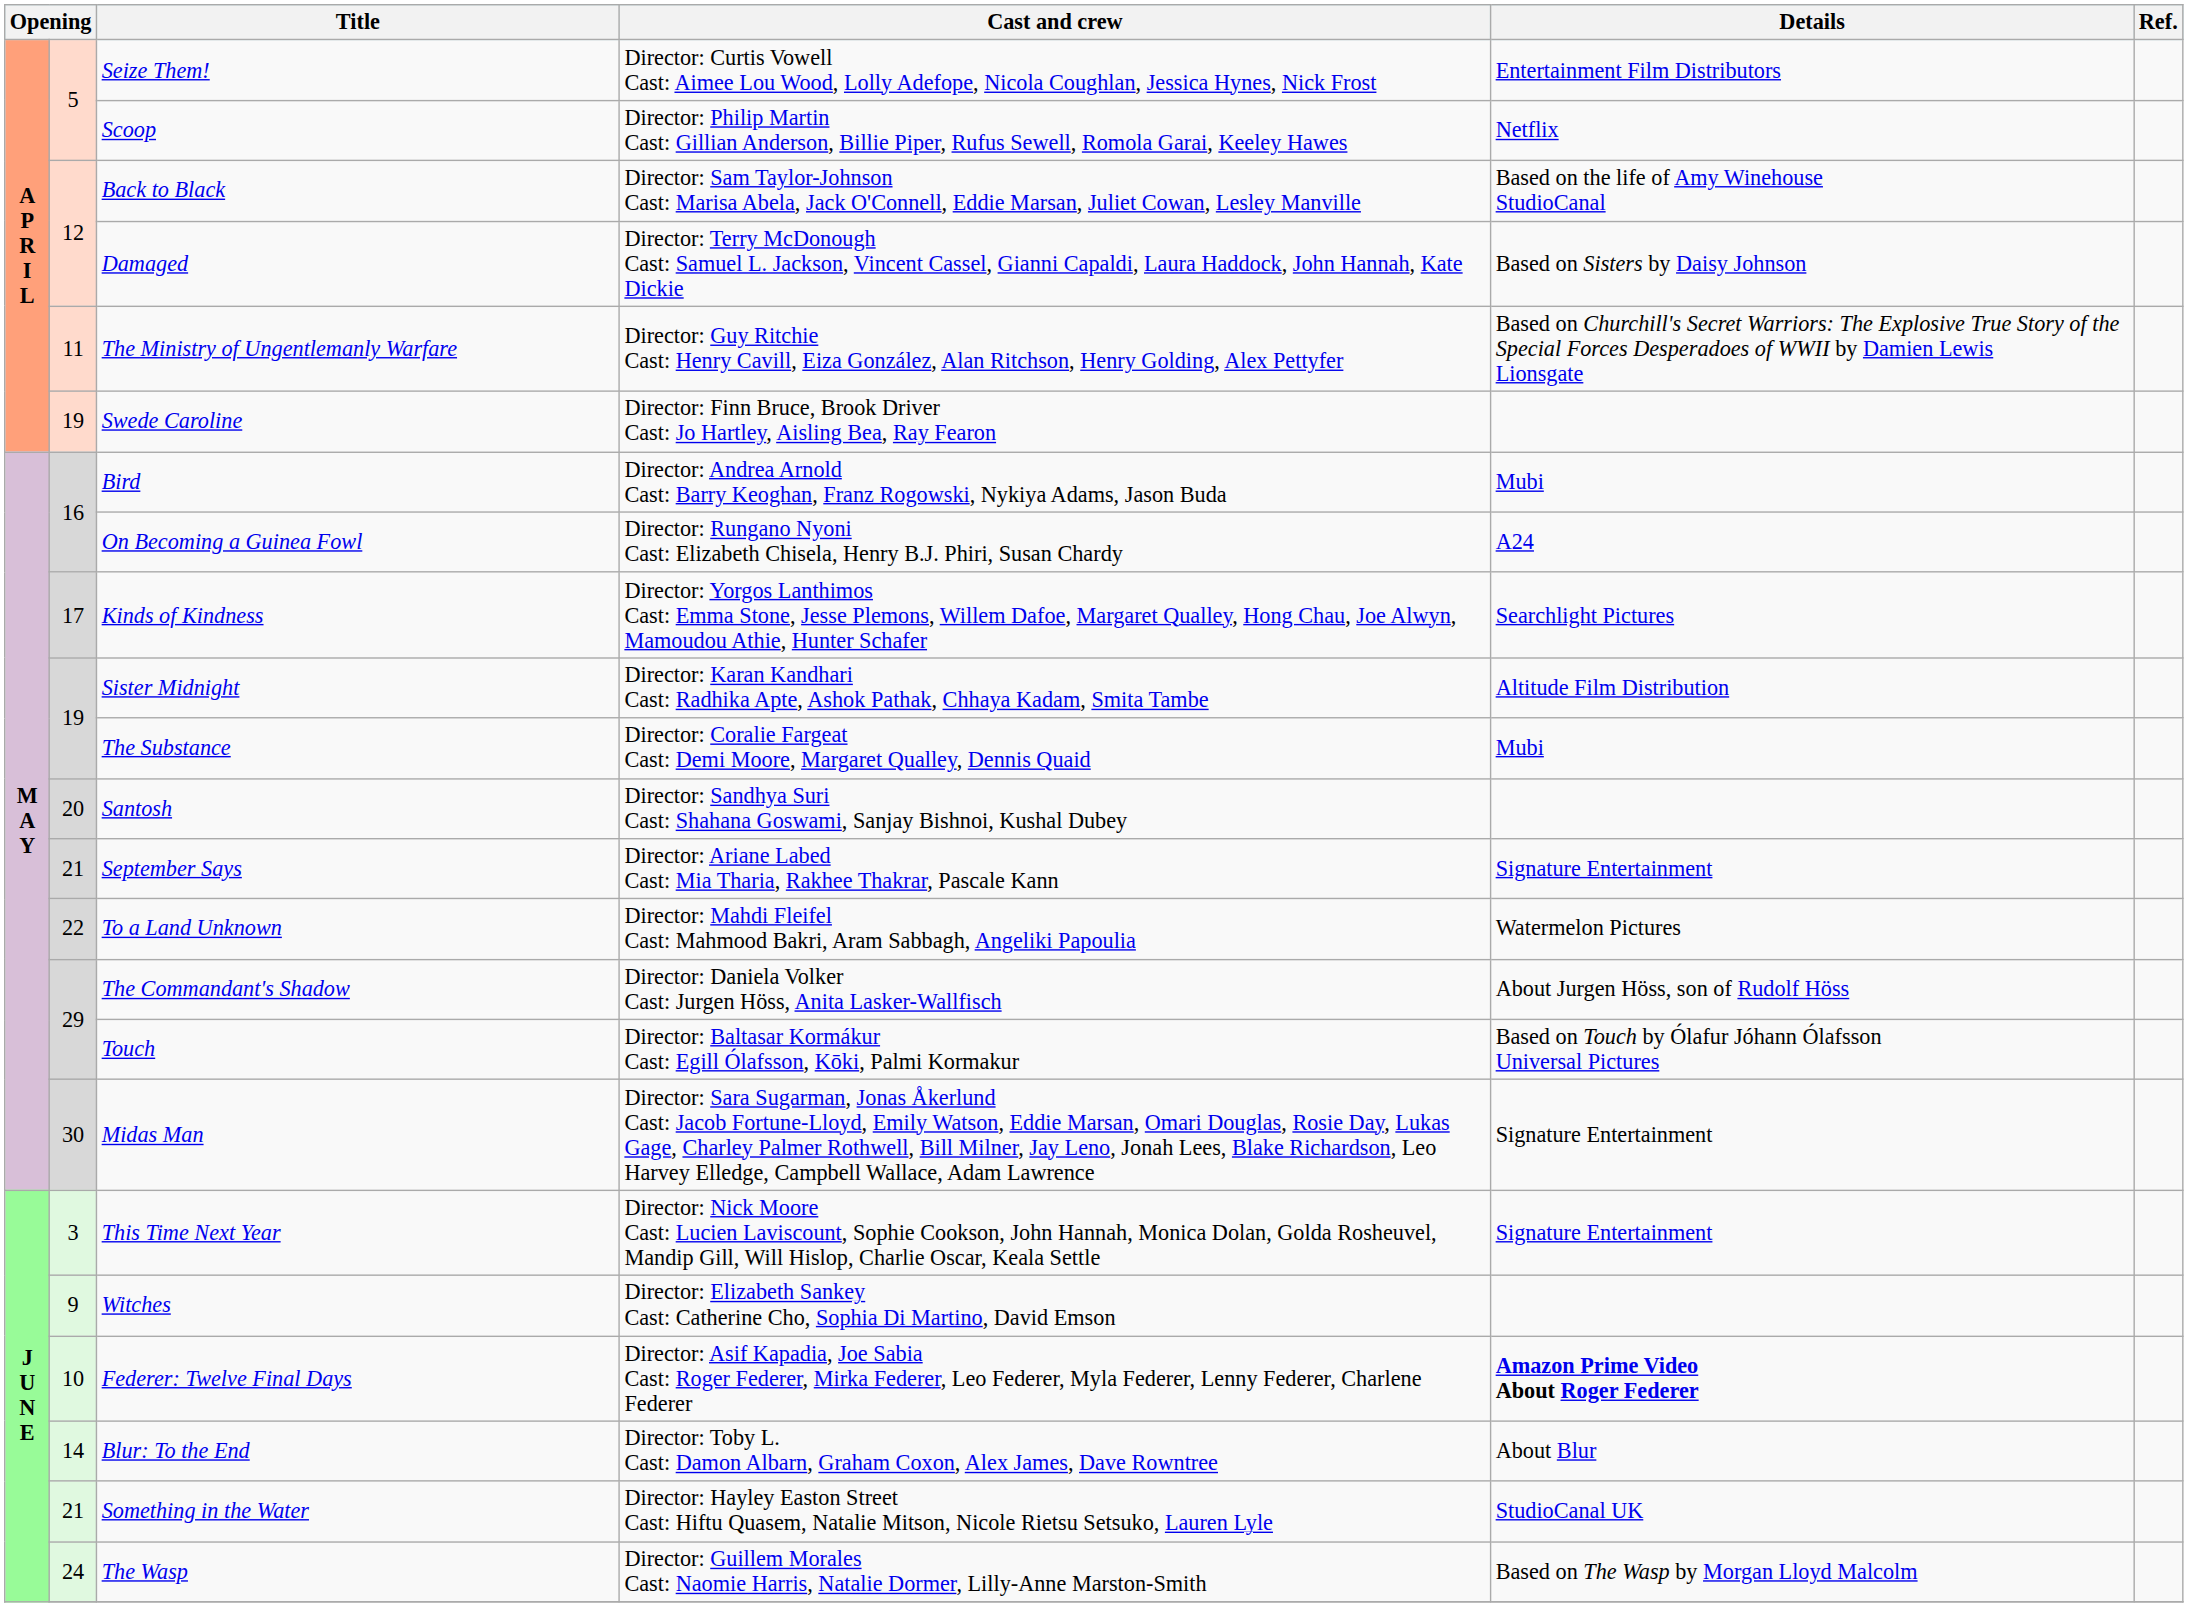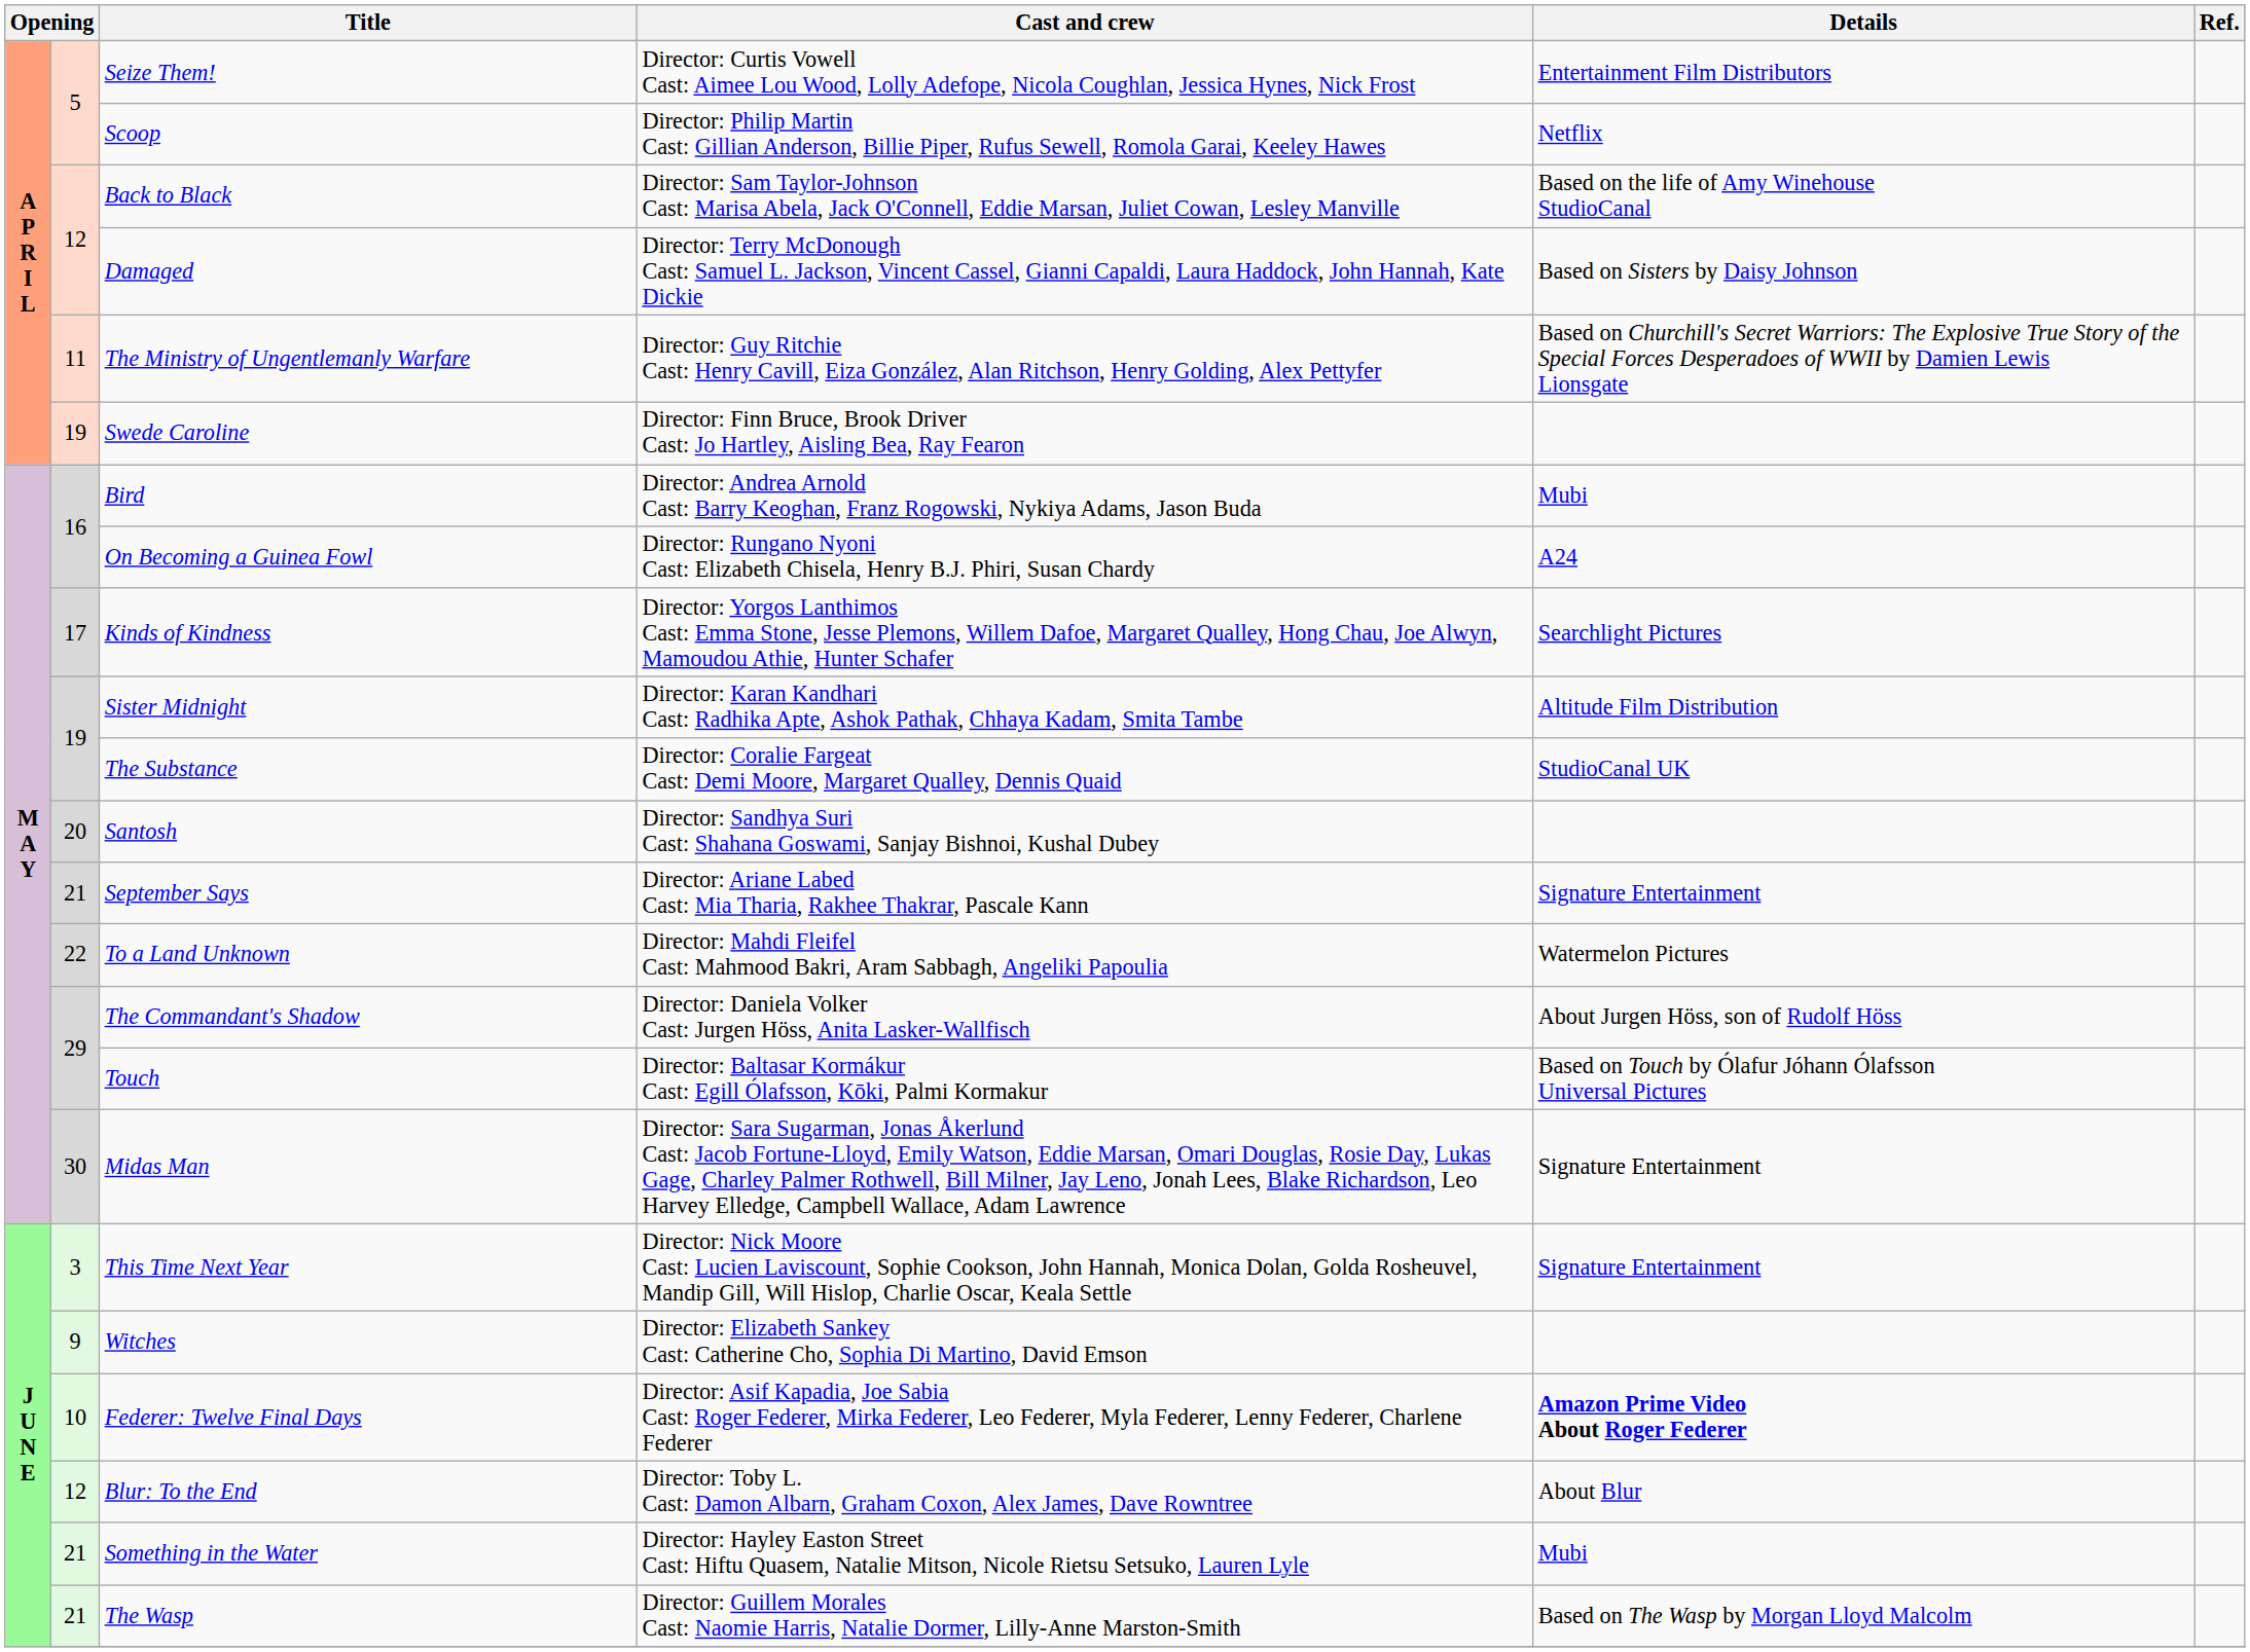 <table class="wikitable">
 <tr style="background:#b0e0e6; text-align:center;">
 <th colspan="2">Opening</th>
 <th style="width:24%;">Title</th>
 <th style="width:40%;">Cast and crew</th>
 <th>Details</th>
 <th style="width:2%;">Ref.</th>
 </tr>
 <tr>
 <th rowspan="6" style="text-align:center; background:#ffa07a; textcolor:#000;">A<br>P<br>R<br>I<br>L</th>
 <td rowspan="2" style="text-align:center; background:#ffdacc;">5</td>
 <td><em><a href='#'>Seize Them!</a></em></td>
 <td>Director: Curtis Vowell <br> Cast: <a href='#'>Aimee Lou Wood</a>, <a href='#'>Lolly Adefope</a>, <a href='#'>Nicola Coughlan</a>, <a href='#'>Jessica Hynes</a>, <a href='#'>Nick Frost</a></td>
 <td><a href='#'>Entertainment Film Distributors</a></td>
 <td style="text-align:center"></td>
 </tr>
 <tr>
 <td><em><a href='#'>Scoop</a></em></td>
 <td>Director: <a href='#'>Philip Martin</a> <br> Cast: <a href='#'>Gillian Anderson</a>, <a href='#'>Billie Piper</a>, <a href='#'>Rufus Sewell</a>, <a href='#'>Romola Garai</a>, <a href='#'>Keeley Hawes</a></td>
 <td><a href='#'>Netflix</a></td>
 <td style="text-align:center"></td>
 </tr>
 <tr>
 <td rowspan="2" style="text-align:center; background:#ffdacc;">12</td>
 <td><em><a href='#'>Back to Black</a></em></td>
 <td>Director: <a href='#'>Sam Taylor-Johnson</a> <br> Cast: <a href='#'>Marisa Abela</a>, <a href='#'>Jack O'Connell</a>, <a href='#'>Eddie Marsan</a>, <a href='#'>Juliet Cowan</a>, <a href='#'>Lesley Manville</a></td>
 <td>Based on the life of <a href='#'>Amy Winehouse</a> <br> <a href='#'>StudioCanal</a></td>
 <td style="text-align:center"></td>
 </tr>
 <tr>
 <td><em><a href='#'>Damaged</a></em></td>
 <td>Director: <a href='#'>Terry McDonough</a> <br> Cast: <a href='#'>Samuel L. Jackson</a>, <a href='#'>Vincent Cassel</a>, <a href='#'>Gianni Capaldi</a>, <a href='#'>Laura Haddock</a>, <a href='#'>John Hannah</a>, <a href='#'>Kate Dickie</a></td>
 <td>Based on <em>Sisters</em> by <a href='#'>Daisy Johnson</a></td>
 <td></td>
 </tr>
 <tr>
 <td rowspan="1" style="text-align:center; background:#ffdacc;">11</td>
 <td><em><a href='#'>The Ministry of Ungentlemanly Warfare</a></em></td>
 <td>Director: <a href='#'>Guy Ritchie</a> <br> Cast: <a href='#'>Henry Cavill</a>, <a href='#'>Eiza González</a>, <a href='#'>Alan Ritchson</a>, <a href='#'>Henry Golding</a>, <a href='#'>Alex Pettyfer</a></td>
 <td>Based on <em>Churchill's Secret Warriors: The Explosive True Story of the Special Forces Desperadoes of WWII</em> by <a href='#'>Damien Lewis</a> <br> <a href='#'>Lionsgate</a></td>
 <td style="text-align:center"></td>
 </tr>
 <tr>
 <td rowspan="1" style="text-align:center; background:#ffdacc;">19</td>
 <td><em><a href='#'>Swede Caroline</a></em></td>
 <td>Director: Finn Bruce, Brook Driver <br> Cast: <a href='#'>Jo Hartley</a>, <a href='#'>Aisling Bea</a>, <a href='#'>Ray Fearon</a></td>
 <td></td>
 <td style="text-align:center"></td>
 </tr>
 <tr>
 <th rowspan="11" style="text-align:center; background:thistle; textcolor:#000;">M<br>A<br>Y</th>
 <td rowspan="2" style="text-align:center; background:#d8d8d8;">16</td>
 <td><em><a href='#'>Bird</a></em></td>
 <td>Director: <a href='#'>Andrea Arnold</a> <br> Cast: <a href='#'>Barry Keoghan</a>, <a href='#'>Franz Rogowski</a>, Nykiya Adams, Jason Buda</td>
 <td><a href='#'>Mubi</a></td>
 <td style="text-align:center"></td>
 </tr>
 <tr>
 <td><em><a href='#'>On Becoming a Guinea Fowl</a></em></td>
 <td>Director: <a href='#'>Rungano Nyoni</a> <br> Cast: Elizabeth Chisela, Henry B.J. Phiri, Susan Chardy</td>
 <td><a href='#'>A24</a></td>
 <td style="text-align:center"></td>
 </tr>
 <tr>
 <td rowspan="1" style="text-align:center; background:#d8d8d8;">17</td>
 <td><em><a href='#'>Kinds of Kindness</a></em></td>
 <td>Director: <a href='#'>Yorgos Lanthimos</a> <br> Cast: <a href='#'>Emma Stone</a>, <a href='#'>Jesse Plemons</a>, <a href='#'>Willem Dafoe</a>, <a href='#'>Margaret Qualley</a>, <a href='#'>Hong Chau</a>, <a href='#'>Joe Alwyn</a>, <a href='#'>Mamoudou Athie</a>, <a href='#'>Hunter Schafer</a></td>
 <td><a href='#'>Searchlight Pictures</a></td>
 <td style="text-align:center"></td>
 </tr>
 <tr>
 <td rowspan="2" style="text-align:center; background:#d8d8d8;">19</td>
 <td><em><a href='#'>Sister Midnight</a></em></td>
 <td>Director: <a href='#'>Karan Kandhari</a> <br> Cast: <a href='#'>Radhika Apte</a>, <a href='#'>Ashok Pathak</a>, <a href='#'>Chhaya Kadam</a>, <a href='#'>Smita Tambe</a></td>
 <td><a href='#'>Altitude Film Distribution</a></td>
 <td></td>
 </tr>
 <tr>
 <td><em><a href='#'>The Substance</a></em></td>
 <td>Director: <a href='#'>Coralie Fargeat</a> <br> Cast: <a href='#'>Demi Moore</a>, <a href='#'>Margaret Qualley</a>, <a href='#'>Dennis Quaid</a></td>
-<td><a href='#'>Mubi</a></td>
+<td><a href='#'>StudioCanal UK</a></td>
 <td style="text-align:center"></td>
 </tr>
 <tr>
 <td rowspan="1" style="text-align:center; background:#d8d8d8;">20</td>
 <td><em><a href='#'>Santosh</a></em></td>
 <td>Director: <a href='#'>Sandhya Suri</a> <br> Cast: <a href='#'>Shahana Goswami</a>, Sanjay Bishnoi, Kushal Dubey</td>
 <td></td>
 <td></td>
 </tr>
 <tr>
 <td rowspan="1" style="text-align:center; background:#d8d8d8;">21</td>
 <td><em><a href='#'>September Says</a></em></td>
 <td>Director: <a href='#'>Ariane Labed</a> <br> Cast: <a href='#'>Mia Tharia</a>, <a href='#'>Rakhee Thakrar</a>, Pascale Kann</td>
 <td><a href='#'>Signature Entertainment</a></td>
 <td style="text-align:center"></td>
 </tr>
 <tr>
 <td rowspan="1" style="text-align:center; background:#d8d8d8;">22</td>
 <td><em><a href='#'>To a Land Unknown</a></em></td>
 <td>Director: <a href='#'>Mahdi Fleifel</a> <br> Cast: Mahmood Bakri, Aram Sabbagh, <a href='#'>Angeliki Papoulia</a></td>
 <td>Watermelon Pictures</td>
 <td style="text-align:center"></td>
 </tr>
 <tr>
 <td rowspan="2" style="text-align:center; background:#d8d8d8;">29</td>
 <td><em><a href='#'>The Commandant's Shadow</a></em></td>
 <td>Director: Daniela Volker <br> Cast: Jurgen Höss, <a href='#'>Anita Lasker-Wallfisch</a></td>
 <td>About Jurgen Höss, son of <a href='#'>Rudolf Höss</a></td>
 <td style="text-align:center"></td>
 </tr>
 <tr>
 <td><em><a href='#'>Touch</a></em></td>
 <td>Director: <a href='#'>Baltasar Kormákur</a> <br> Cast: <a href='#'>Egill Ólafsson</a>, <a href='#'>Kōki</a>, Palmi Kormakur</td>
 <td>Based on <em>Touch</em> by Ólafur Jóhann Ólafsson <br> <a href='#'>Universal Pictures</a></td>
 <td style="text-align:center"></td>
 </tr>
 <tr>
 <td rowspan="1" style="text-align:center; background:#d8d8d8;">30</td>
 <td><em><a href='#'>Midas Man</a></em></td>
 <td>Director: <a href='#'>Sara Sugarman</a>, <a href='#'>Jonas Åkerlund</a> <br> Cast: <a href='#'>Jacob Fortune-Lloyd</a>, <a href='#'>Emily Watson</a>, <a href='#'>Eddie Marsan</a>, <a href='#'>Omari Douglas</a>, <a href='#'>Rosie Day</a>, <a href='#'>Lukas Gage</a>, <a href='#'>Charley Palmer Rothwell</a>, <a href='#'>Bill Milner</a>, <a href='#'>Jay Leno</a>, Jonah Lees, <a href='#'>Blake Richardson</a>, Leo Harvey Elledge, Campbell Wallace, Adam Lawrence</td>
 <td>Signature Entertainment</td>
 <td style="text-align:center"></td>
 </tr>
 <tr>
 <th rowspan="7" style="text-align:center; background:#98fb98; textcolor:#98fb98;">J<br>U<br>N<br>E</th>
 <td rowspan="1" style="text-align:center; background:#e0f9e0;">3</td>
 <td><em><a href='#'>This Time Next Year</a></em></td>
 <td>Director: <a href='#'>Nick Moore</a> <br> Cast: <a href='#'>Lucien Laviscount</a>, Sophie Cookson, John Hannah, Monica Dolan, Golda Rosheuvel, Mandip Gill, Will Hislop, Charlie Oscar, Keala Settle</td>
 <td><a href='#'>Signature Entertainment</a></td>
 <td style="text-align:center"></td>
 </tr>
 <tr>
 <td rowspan="1" style="text-align:center; background:#e0f9e0;">9</td>
 <td><em><a href='#'>Witches</a></em></td>
 <td>Director: <a href='#'>Elizabeth Sankey</a> <br> Cast: Catherine Cho, <a href='#'>Sophia Di Martino</a>, David Emson</td>
 <td></td>
 <td style="text-align:center"></td>
 </tr>
 <tr>
 <td rowspan="1" style="text-align:center; background:#e0f9e0;">10</td>
 <td><em><a href='#'>Federer: Twelve Final Days</a></em></td>
 <td>Director: <a href='#'>Asif Kapadia</a>, <a href='#'>Joe Sabia</a> <br> Cast: <a href='#'>Roger Federer</a>, <a href='#'>Mirka Federer</a>, Leo Federer, Myla Federer, Lenny Federer, Charlene Federer</td>
 <td><strong><a href='#'>Amazon Prime Video</a> <br> About <a href='#'>Roger Federer</a></strong></td>
 <td style="text-align:center"></td>
 </tr>
 <tr>
-<td rowspan="1" style="text-align:center; background:#e0f9e0;">14</td>
+<td rowspan="1" style="text-align:center; background:#e0f9e0;">12</td>
 <td><em><a href='#'>Blur: To the End</a></em></td>
 <td>Director: Toby L. <br> Cast: <a href='#'>Damon Albarn</a>, <a href='#'>Graham Coxon</a>, <a href='#'>Alex James</a>, <a href='#'>Dave Rowntree</a></td>
 <td>About <a href='#'>Blur</a></td>
 <td style="text-align:center"></td>
 </tr>
 <tr>
 <td rowspan="1" style="text-align:center; background:#e0f9e0;">21</td>
 <td><em><a href='#'>Something in the Water</a></em></td>
 <td>Director: Hayley Easton Street <br> Cast: Hiftu Quasem, Natalie Mitson, Nicole Rietsu Setsuko, <a href='#'>Lauren Lyle</a></td>
-<td><a href='#'>StudioCanal UK</a></td>
+<td><a href='#'>Mubi</a></td>
 <td></td>
 </tr>
 <tr>
-<td rowspan="1" style="text-align:center; background:#e0f9e0;">24</td>
+<td rowspan="1" style="text-align:center; background:#e0f9e0;">21</td>
 <td><em><a href='#'>The Wasp</a></em></td>
 <td>Director: <a href='#'>Guillem Morales</a> <br> Cast: <a href='#'>Naomie Harris</a>, <a href='#'>Natalie Dormer</a>, Lilly-Anne Marston-Smith</td>
 <td>Based on <em>The Wasp</em> by <a href='#'>Morgan Lloyd Malcolm</a></td>
 <td style="text-align:center"></td>
 </tr>
 <tr>
 </tr>
 </table>
